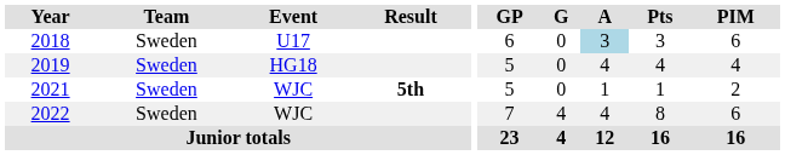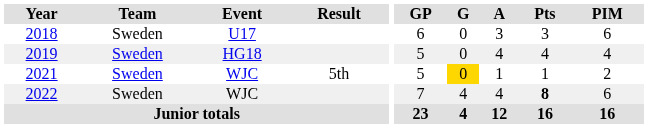 <table border="0" cellpadding="1" cellspacing="0" ID="Table3" style="text-align:center; width:40em">
 <tr bgcolor="#e0e0e0">
 <th>Year</th>
 <th>Team</th>
 <th>Event</th>
 <th>Result</th>
 <th rowspan="102" bgcolor="#ffffff"></th>
 <th>GP</th>
 <th>G</th>
 <th>A</th>
 <th>Pts</th>
 <th>PIM</th>
 </tr>
 <tr>
 <td><a href='#'>2018</a></td>
 <td>Sweden</td>
 <td><a href='#'>U17</a></td>
 <td></td>
 <td>6</td>
 <td>0</td>
-<td style="background: lightblue;">3</td>
+<td>3</td>
 <td>3</td>
 <td>6</td>
 </tr>
 <tr bgcolor="#f0f0f0">
 <td><a href='#'>2019</a></td>
 <td><a href='#'>Sweden</a></td>
 <td><a href='#'>HG18</a></td>
 <td></td>
 <td>5</td>
 <td>0</td>
 <td>4</td>
 <td>4</td>
 <td>4</td>
 </tr>
 <tr>
 <td><a href='#'>2021</a></td>
 <td><a href='#'>Sweden</a></td>
 <td><a href='#'>WJC</a></td>
-<td><strong>5th</strong></td>
+<td>5th</td>
 <td>5</td>
-<td>0</td>
+<td style="background: gold;">0</td>
 <td>1</td>
 <td>1</td>
 <td>2</td>
 </tr>
 <tr bgcolor="#f0f0f0">
 <td><a href='#'>2022</a></td>
 <td>Sweden</td>
 <td>WJC</td>
 <td></td>
 <td>7</td>
 <td>4</td>
 <td>4</td>
-<td>8</td>
+<td><strong>8</strong></td>
 <td>6</td>
 </tr>
 <tr bgcolor="#e0e0e0">
 <th colspan="4">Junior totals</th>
 <th>23</th>
 <th>4</th>
 <th>12</th>
 <th>16</th>
 <th>16</th>
 </tr>
 </table>
